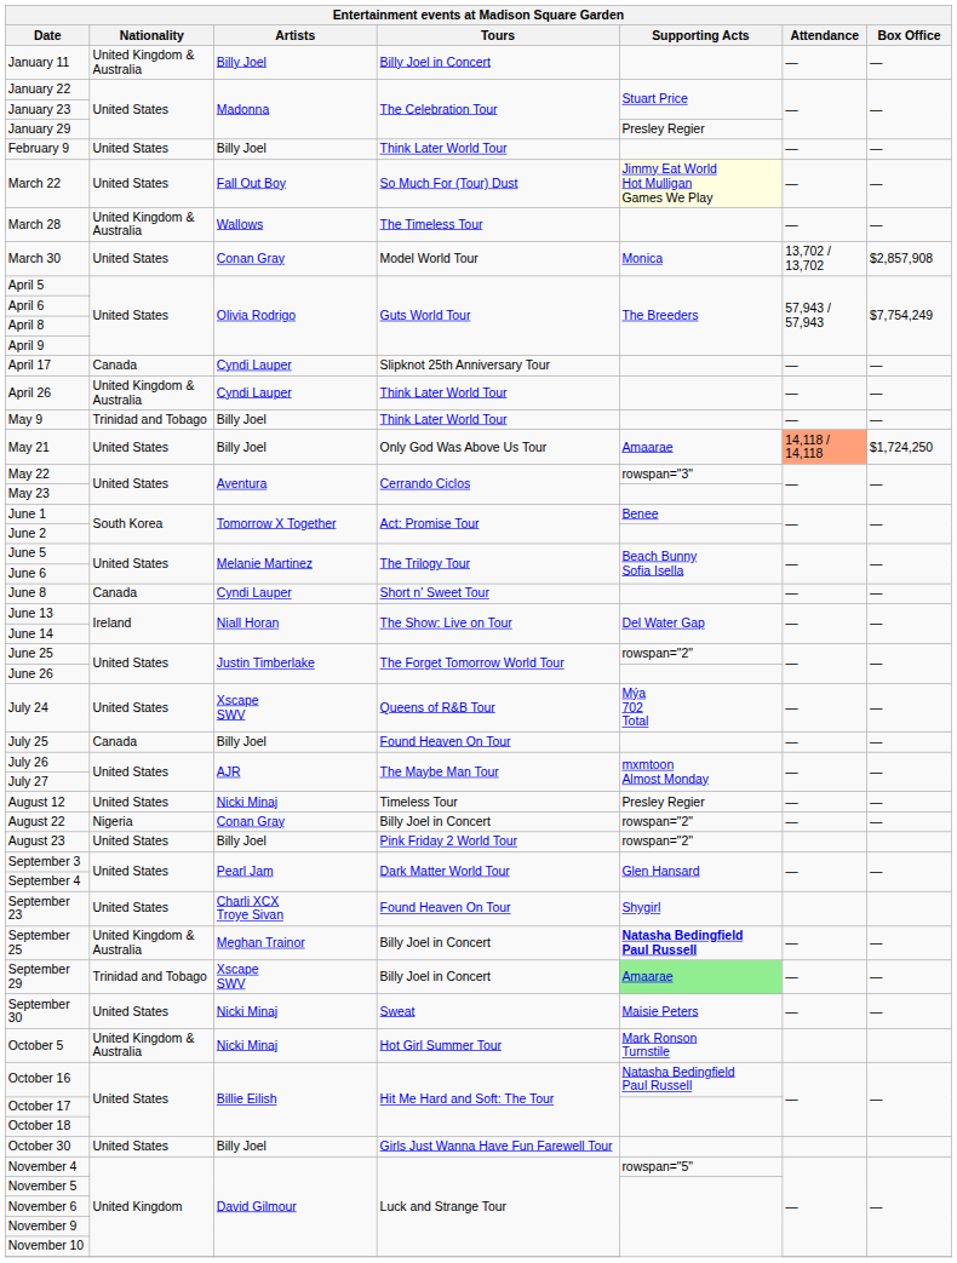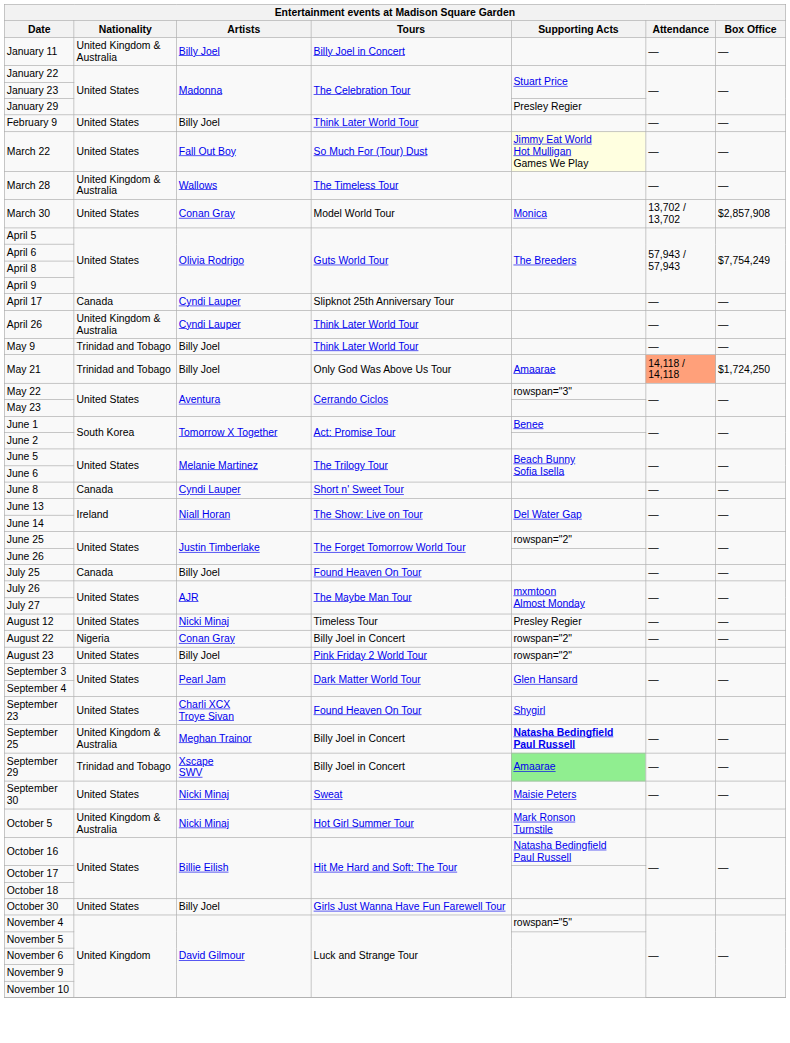 <table class="wikitable">
 <tr>
 <th colspan="7">Entertainment events at Madison Square Garden</th>
 </tr>
 <tr>
 <th width=100>Date</th>
 <th width=150>Nationality</th>
 <th width=200>Artists</th>
 <th width=300>Tours</th>
 <th width=200>Supporting Acts</th>
 <th width=100>Attendance</th>
 <th width=100>Box Office</th>
 </tr>
 <tr>
 <td>January 11</td>
 <td>United Kingdom & Australia</td>
 <td><a href='#'>Billy Joel</a></td>
 <td><a href='#'>Billy Joel in Concert</a></td>
 <td></td>
 <td>—</td>
 <td>—</td>
 </tr>
 <tr>
 <td>January 22</td>
 <td rowspan="3">United States</td>
 <td rowspan="3"><a href='#'>Madonna</a></td>
 <td rowspan="3"><a href='#'>The Celebration Tour</a></td>
 <td rowspan="2"><a href='#'>Stuart Price</a></td>
 <td rowspan="3">—</td>
 <td rowspan="3">—</td>
 </tr>
 <tr>
 <td>January 23</td>
 </tr>
 <tr>
 <td>January 29</td>
 <td>Presley Regier</td>
 </tr>
 <tr>
 <td>February 9</td>
 <td>United States</td>
 <td>Billy Joel</td>
 <td><a href='#'>Think Later World Tour</a></td>
 <td></td>
 <td>—</td>
 <td>—</td>
 </tr>
 <tr>
 <td>March 22</td>
 <td>United States</td>
 <td><a href='#'>Fall Out Boy</a></td>
 <td><a href='#'>So Much For (Tour) Dust</a></td>
 <td style="background: lightyellow;"><a href='#'>Jimmy Eat World</a><br><a href='#'>Hot Mulligan</a><br>Games We Play</td>
 <td>—</td>
 <td>—</td>
 </tr>
 <tr>
 <td>March 28</td>
 <td>United Kingdom & Australia</td>
 <td><a href='#'>Wallows</a></td>
 <td><a href='#'>The Timeless Tour</a></td>
 <td></td>
 <td>—</td>
 <td>—</td>
 </tr>
 <tr>
 <td>March 30</td>
 <td>United States</td>
 <td><a href='#'>Conan Gray</a></td>
 <td>Model World Tour</td>
 <td><a href='#'>Monica</a></td>
 <td>13,702 / 13,702</td>
 <td>$2,857,908</td>
 </tr>
 <tr>
 <td>April 5</td>
 <td rowspan="4">United States</td>
 <td rowspan="4"><a href='#'>Olivia Rodrigo</a></td>
 <td rowspan="4"><a href='#'>Guts World Tour</a></td>
 <td rowspan="4"><a href='#'>The Breeders</a></td>
 <td rowspan="4">57,943 / 57,943</td>
 <td rowspan="4">$7,754,249</td>
 </tr>
 <tr>
 <td>April 6</td>
 </tr>
 <tr>
 <td>April 8</td>
 </tr>
 <tr>
 <td>April 9</td>
 </tr>
 <tr>
 <td>April 17</td>
 <td>Canada</td>
 <td><a href='#'>Cyndi Lauper</a></td>
 <td>Slipknot 25th Anniversary Tour</td>
 <td></td>
 <td>—</td>
 <td>—</td>
 </tr>
 <tr>
 <td>April 26</td>
 <td>United Kingdom & Australia</td>
 <td><a href='#'>Cyndi Lauper</a></td>
 <td><a href='#'>Think Later World Tour</a></td>
 <td></td>
 <td>—</td>
 <td>—</td>
 </tr>
 <tr>
 <td>May 9</td>
 <td>Trinidad and Tobago</td>
 <td>Billy Joel</td>
 <td><a href='#'>Think Later World Tour</a></td>
 <td></td>
 <td>—</td>
 <td>—</td>
 </tr>
 <tr>
 <td>May 21</td>
-<td>United States</td>
+<td>Trinidad and Tobago</td>
 <td>Billy Joel</td>
 <td>Only God Was Above Us Tour</td>
 <td><a href='#'>Amaarae</a></td>
 <td style="background: lightsalmon;">14,118 / 14,118</td>
 <td>$1,724,250</td>
 </tr>
 <tr>
 <td>May 22</td>
 <td rowspan="2">United States</td>
 <td rowspan="2"><a href='#'>Aventura</a></td>
 <td rowspan="2"><a href='#'>Cerrando Ciclos</a></td>
 <td>rowspan="3"</td>
 <td rowspan="2">—</td>
 <td rowspan="2">—</td>
 </tr>
 <tr>
 <td>May 23</td>
 </tr>
 <tr>
 <td>June 1</td>
 <td rowspan="2">South Korea</td>
 <td rowspan="2"><a href='#'>Tomorrow X Together</a></td>
 <td rowspan="2"><a href='#'>Act: Promise Tour</a></td>
 <td><a href='#'>Benee</a></td>
 <td rowspan="2">—</td>
 <td rowspan="2">—</td>
 </tr>
 <tr>
 <td>June 2</td>
 </tr>
 <tr>
 <td>June 5</td>
 <td rowspan="2">United States</td>
 <td rowspan="2"><a href='#'>Melanie Martinez</a></td>
 <td rowspan="2"><a href='#'>The Trilogy Tour</a></td>
 <td rowspan="2"><a href='#'>Beach Bunny</a><br><a href='#'>Sofia Isella</a></td>
 <td rowspan="2">—</td>
 <td rowspan="2">—</td>
 </tr>
 <tr>
 <td>June 6</td>
 </tr>
 <tr>
 <td>June 8</td>
 <td>Canada</td>
 <td><a href='#'>Cyndi Lauper</a></td>
 <td><a href='#'>Short n' Sweet Tour</a></td>
 <td></td>
 <td>—</td>
 <td>—</td>
 </tr>
 <tr>
 <td>June 13</td>
 <td rowspan="2">Ireland</td>
 <td rowspan="2"><a href='#'>Niall Horan</a></td>
 <td rowspan="2"><a href='#'>The Show: Live on Tour</a></td>
 <td rowspan="2"><a href='#'>Del Water Gap</a></td>
 <td rowspan="2">—</td>
 <td rowspan="2">—</td>
 </tr>
 <tr>
 <td>June 14</td>
 </tr>
 <tr>
 <td>June 25</td>
 <td rowspan="2">United States</td>
 <td rowspan="2"><a href='#'>Justin Timberlake</a></td>
 <td rowspan="2"><a href='#'>The Forget Tomorrow World Tour</a></td>
 <td>rowspan="2"</td>
 <td rowspan="2">—</td>
 <td rowspan="2">—</td>
 </tr>
 <tr>
 <td>June 26</td>
-</tr>
-<tr>
-<td>July 24</td>
-<td>United States</td>
-<td><a href='#'>Xscape</a><br><a href='#'>SWV</a></td>
-<td><a href='#'>Queens of R&B Tour</a></td>
-<td><a href='#'>Mýa</a><br><a href='#'>702</a><br><a href='#'>Total</a></td>
-<td>—</td>
-<td>—</td>
 </tr>
 <tr>
 <td>July 25</td>
 <td>Canada</td>
 <td>Billy Joel</td>
 <td><a href='#'>Found Heaven On Tour</a></td>
 <td></td>
 <td>—</td>
 <td>—</td>
 </tr>
 <tr>
 <td>July 26</td>
 <td rowspan="2">United States</td>
 <td rowspan="2"><a href='#'>AJR</a></td>
 <td rowspan="2"><a href='#'>The Maybe Man Tour</a></td>
 <td rowspan="2"><a href='#'>mxmtoon</a><br><a href='#'>Almost Monday</a></td>
 <td rowspan="2">—</td>
 <td rowspan="2">—</td>
 </tr>
 <tr>
 <td>July 27</td>
 </tr>
 <tr>
 <td>August 12</td>
 <td>United States</td>
 <td><a href='#'>Nicki Minaj</a></td>
 <td>Timeless Tour</td>
 <td>Presley Regier</td>
 <td>—</td>
 <td>—</td>
 </tr>
 <tr>
 <td>August 22</td>
 <td>Nigeria</td>
 <td><a href='#'>Conan Gray</a></td>
 <td>Billy Joel in Concert</td>
 <td>rowspan="2"</td>
 <td>—</td>
 <td>—</td>
 </tr>
 <tr>
 <td>August 23</td>
 <td>United States</td>
 <td>Billy Joel</td>
 <td><a href='#'>Pink Friday 2 World Tour</a></td>
 <td>rowspan="2"</td>
 <td></td>
 <td></td>
 </tr>
 <tr>
 <td>September 3</td>
 <td rowspan="2">United States</td>
 <td rowspan="2"><a href='#'>Pearl Jam</a></td>
 <td rowspan="2"><a href='#'>Dark Matter World Tour</a></td>
 <td rowspan="2"><a href='#'>Glen Hansard</a></td>
 <td rowspan="2">—</td>
 <td rowspan="2">—</td>
 </tr>
 <tr>
 <td>September 4</td>
 </tr>
 <tr>
 <td>September 23</td>
 <td>United States</td>
 <td><a href='#'>Charli XCX</a><br><a href='#'>Troye Sivan</a></td>
 <td><a href='#'>Found Heaven On Tour</a></td>
 <td><a href='#'>Shygirl</a></td>
 <td></td>
 <td></td>
 </tr>
 <tr>
 <td>September 25</td>
 <td>United Kingdom & Australia</td>
 <td><a href='#'>Meghan Trainor</a></td>
 <td>Billy Joel in Concert</td>
 <td><strong><a href='#'>Natasha Bedingfield</a><br><a href='#'>Paul Russell</a></strong></td>
 <td>—</td>
 <td>—</td>
 </tr>
 <tr>
 <td>September 29</td>
 <td>Trinidad and Tobago</td>
 <td><a href='#'>Xscape</a><br><a href='#'>SWV</a></td>
 <td>Billy Joel in Concert</td>
 <td style="background: lightgreen;"><a href='#'>Amaarae</a></td>
 <td>—</td>
 <td>—</td>
 </tr>
 <tr>
 <td>September 30</td>
 <td>United States</td>
 <td><a href='#'>Nicki Minaj</a></td>
 <td><a href='#'>Sweat</a></td>
 <td><a href='#'>Maisie Peters</a></td>
 <td>—</td>
 <td>—</td>
 </tr>
 <tr>
 <td>October 5</td>
 <td>United Kingdom & Australia</td>
 <td><a href='#'>Nicki Minaj</a></td>
 <td><a href='#'>Hot Girl Summer Tour</a></td>
 <td><a href='#'>Mark Ronson</a><br><a href='#'>Turnstile</a></td>
 <td></td>
 <td></td>
 </tr>
 <tr>
 <td>October 16</td>
 <td rowspan="3">United States</td>
 <td rowspan="3"><a href='#'>Billie Eilish</a></td>
 <td rowspan="3"><a href='#'>Hit Me Hard and Soft: The Tour</a></td>
 <td><a href='#'>Natasha Bedingfield</a><br><a href='#'>Paul Russell</a></td>
 <td rowspan="3">—</td>
 <td rowspan="3">—</td>
 </tr>
 <tr>
 <td>October 17</td>
 </tr>
 <tr>
 <td>October 18</td>
 </tr>
 <tr>
 <td>October 30</td>
 <td>United States</td>
 <td>Billy Joel</td>
 <td><a href='#'>Girls Just Wanna Have Fun Farewell Tour</a></td>
 <td></td>
 <td></td>
 <td></td>
 </tr>
 <tr>
 <td>November 4</td>
 <td rowspan="5">United Kingdom</td>
 <td rowspan="5"><a href='#'>David Gilmour</a></td>
 <td rowspan="5">Luck and Strange Tour</td>
 <td>rowspan="5"</td>
 <td rowspan="5">—</td>
 <td rowspan="5">—</td>
 </tr>
 <tr>
 <td>November 5</td>
 </tr>
 <tr>
 <td>November 6</td>
 </tr>
 <tr>
 <td>November 9</td>
 </tr>
 <tr>
 <td>November 10</td>
 </tr>
 <tr>
 </tr>
 </table>
